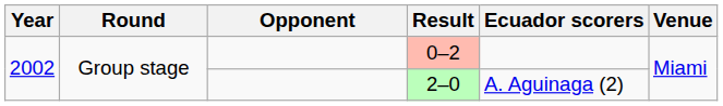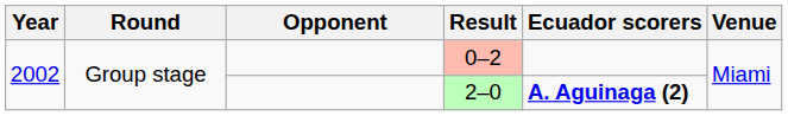 <table class="wikitable sortable" style="text-align:left;">
 <tr>
 <th>Year</th>
 <th width=110>Round</th>
 <th width=150>Opponent</th>
 <th width=50>Result</th>
 <th>Ecuador scorers</th>
 <th>Venue</th>
 </tr>
 <tr>
 <td rowspan=2 align=center> <a href='#'>2002</a></td>
 <td rowspan=2 align=center>Group stage</td>
 <td></td>
 <td align=center bgcolor=#ffbbb>0–2</td>
 <td></td>
 <td rowspan=2><a href='#'>Miami</a></td>
 </tr>
 <tr>
 <td></td>
 <td align=center bgcolor=#bbffbb>2–0</td>
-<td><a href='#'>A. Aguinaga</a> (2)</td>
+<td><strong><a href='#'>A. Aguinaga</a> (2)</strong></td>
 </tr>
 </table>
